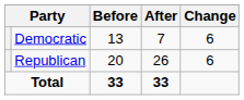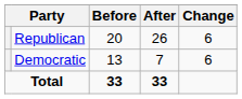 <table class="wikitable" style="text-align:center;">
 <tr>
 </tr>
 <tr>
 <th colspan=2>Party</th>
 <th>Before</th>
 <th>After</th>
 <th>Change</th>
 </tr>
 <tr>
 <th style="background-color:"></th>
-<td style="text-align:left;"><a href='#'>Democratic</a></td>
-<td>13</td>
-<td>7</td>
+<td style="text-align:left;"><a href='#'>Republican</a></td>
+<td>20</td>
+<td>26</td>
 <td> 6</td>
 </tr>
 <tr>
 <th style="background-color:"></th>
-<td style="text-align:left;"><a href='#'>Republican</a></td>
-<td>20</td>
-<td>26</td>
+<td style="text-align:left;"><a href='#'>Democratic</a></td>
+<td>13</td>
+<td>7</td>
 <td> 6</td>
 </tr>
 <tr>
 <td colspan=2><strong>Total</strong></td>
 <td><strong>33</strong></td>
 <td><strong>33</strong></td>
 <td></td>
 </tr>
 </table>
